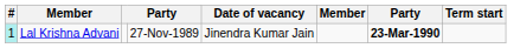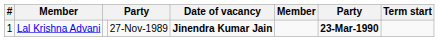 <table class="wikitable">
 <tr>
 <th>#</th>
 <th>Member</th>
 <th colspan="2">Party</th>
 <th>Date of vacancy</th>
 <th>Member</th>
 <th colspan="2">Party</th>
 <th>Term start</th>
 </tr>
 <tr>
-<td style="background: paleturquoise;">1</td>
+<td>1</td>
 <td><a href='#'>Lal Krishna Advani</a></td>
 <td></td>
 <td>27-Nov-1989</td>
-<td>Jinendra Kumar Jain</td>
+<td><strong>Jinendra Kumar Jain</strong></td>
 <td></td>
 <td><strong>23-Mar-1990</strong></td>
 </tr>
 </table>
